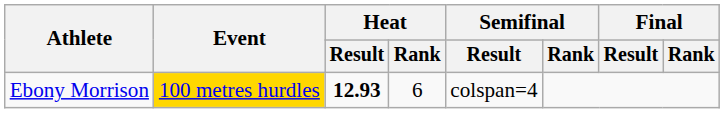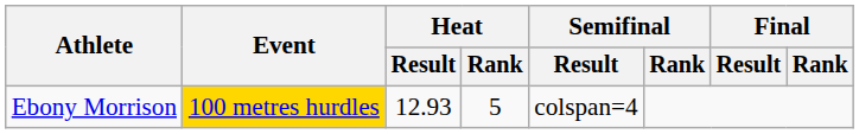 <table class="wikitable" style="font-size:90%">
 <tr>
 <th rowspan="2">Athlete</th>
 <th rowspan="2">Event</th>
 <th colspan="2">Heat</th>
 <th colspan="2">Semifinal</th>
 <th colspan="2">Final</th>
 </tr>
 <tr style="font-size:95%">
 <th>Result</th>
 <th>Rank</th>
 <th>Result</th>
 <th>Rank</th>
 <th>Result</th>
 <th>Rank</th>
 </tr>
 <tr align=center>
 <td align=left><a href='#'>Ebony Morrison</a></td>
 <td align=left style="background: gold;"><a href='#'>100 metres hurdles</a></td>
-<td><strong>12.93</strong></td>
-<td>6</td>
+<td>12.93</td>
+<td>5</td>
 <td>colspan=4 </td>
 </tr>
 </table>
